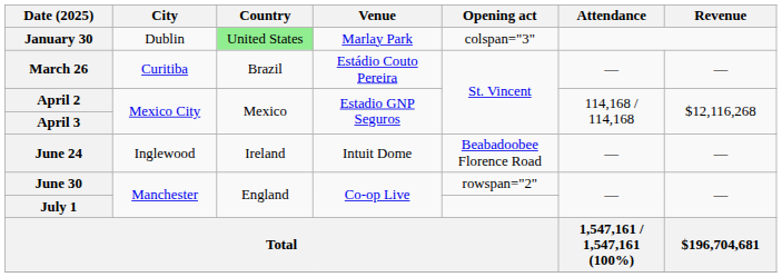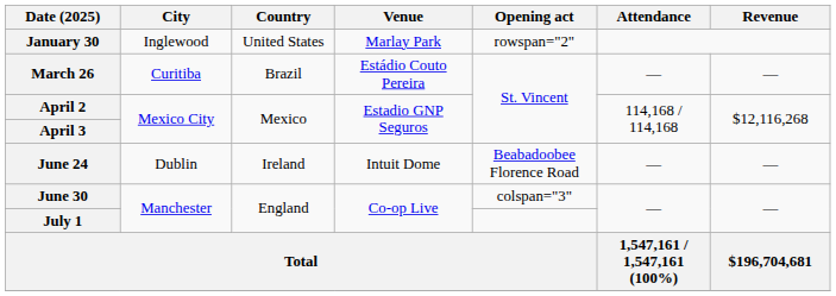 <table class="wikitable plainrowheaders" style="text-align:center;">
 <tr>
 <th scope="col" style="width:12em;">Date (2025)</th>
 <th scope="col" style="width:10em;">City</th>
 <th scope="col" style="width:10em;">Country</th>
 <th scope="col" style="width:16em;">Venue</th>
 <th scope="col" style="width:11em;">Opening act</th>
 <th scope="col" style="width:10em;">Attendance</th>
 <th scope="col" style="width:10em;">Revenue</th>
 </tr>
 <tr>
 <th scope="row" style="text-align:center;">January 30</th>
-<td>Dublin</td>
-<td style="background: lightgreen;">United States</td>
+<td>Inglewood</td>
+<td>United States</td>
 <td><a href='#'>Marlay Park</a></td>
-<td>colspan="3" </td>
+<td>rowspan="2" </td>
 </tr>
 <tr>
 <th scope="row" style="text-align:center;">March 26</th>
 <td><a href='#'>Curitiba</a></td>
 <td>Brazil</td>
 <td><a href='#'>Estádio Couto Pereira</a></td>
 <td rowspan="3"><a href='#'>St. Vincent</a></td>
 <td>—</td>
 <td>—</td>
 </tr>
 <tr>
 <th scope="row" style="text-align:center;">April 2</th>
 <td rowspan="2"><a href='#'>Mexico City</a></td>
 <td rowspan="2">Mexico</td>
 <td rowspan="2"><a href='#'>Estadio GNP Seguros</a></td>
 <td rowspan="2">114,168 / 114,168</td>
 <td rowspan="2">$12,116,268</td>
 </tr>
 <tr>
 <th scope="row" style="text-align:center;">April 3</th>
 </tr>
 <tr>
 <th scope="row" style="text-align:center;">June 24</th>
-<td>Inglewood</td>
+<td>Dublin</td>
 <td>Ireland</td>
 <td>Intuit Dome</td>
 <td><a href='#'>Beabadoobee</a><br> Florence Road</td>
 <td>—</td>
 <td>—</td>
 </tr>
 <tr>
 <th scope="row" style="text-align:center;">June 30</th>
 <td rowspan="2"><a href='#'>Manchester</a></td>
 <td rowspan="2">England</td>
 <td rowspan="2"><a href='#'>Co-op Live</a></td>
-<td>rowspan="2" </td>
+<td>colspan="3" </td>
 <td rowspan="2">—</td>
 <td rowspan="2">—</td>
 </tr>
 <tr>
 <th scope="row" style="text-align:center;">July 1</th>
 </tr>
 <tr>
 <th colspan="5">Total</th>
 <th>1,547,161 / 1,547,161 (100%)</th>
 <th>$196,704,681</th>
 </tr>
 <tr>
 </tr>
 </table>
